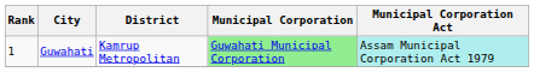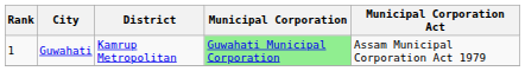 <table class="wikitable sortable">
 <tr>
 <th>Rank</th>
 <th>City</th>
 <th>District</th>
 <th>Municipal Corporation</th>
 <th>Municipal Corporation Act</th>
 </tr>
 <tr>
 <td>1</td>
 <td><a href='#'>Guwahati</a></td>
 <td><a href='#'>Kamrup Metropolitan</a></td>
 <td style="background: lightgreen;"><a href='#'>Guwahati Municipal Corporation</a></td>
-<td style="background: paleturquoise;">Assam Municipal Corporation Act 1979</td>
+<td>Assam Municipal Corporation Act 1979</td>
 </tr>
 <tr>
 </tr>
 </table>
